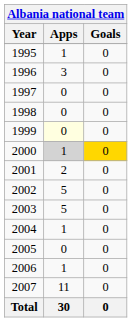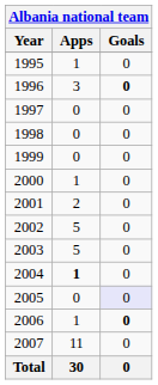 <table class="wikitable" style="text-align:center">
 <tr>
 <th colspan=3><a href='#'>Albania national team</a></th>
 </tr>
 <tr>
 <th>Year</th>
 <th>Apps</th>
 <th>Goals</th>
 </tr>
 <tr>
 </tr>
 <tr>
 <td>1995</td>
 <td>1</td>
 <td>0</td>
 </tr>
 <tr>
 <td>1996</td>
 <td>3</td>
-<td>0</td>
+<td><strong>0</strong></td>
 </tr>
 <tr>
 <td>1997</td>
 <td>0</td>
 <td>0</td>
 </tr>
 <tr>
 <td>1998</td>
 <td>0</td>
 <td>0</td>
 </tr>
 <tr>
 <td>1999</td>
-<td style="background: lightyellow;">0</td>
+<td>0</td>
 <td>0</td>
 </tr>
 <tr>
 <td>2000</td>
-<td style="background: lightgrey;">1</td>
-<td style="background: gold;">0</td>
+<td>1</td>
+<td>0</td>
 </tr>
 <tr>
 <td>2001</td>
 <td>2</td>
 <td>0</td>
 </tr>
 <tr>
 <td>2002</td>
 <td>5</td>
 <td>0</td>
 </tr>
 <tr>
 <td>2003</td>
 <td>5</td>
 <td>0</td>
 </tr>
 <tr>
 <td>2004</td>
-<td>1</td>
+<td><strong>1</strong></td>
 <td>0</td>
 </tr>
 <tr>
 <td>2005</td>
 <td>0</td>
-<td>0</td>
+<td style="background: lavender;">0</td>
 </tr>
 <tr>
 <td>2006</td>
 <td>1</td>
-<td>0</td>
+<td><strong>0</strong></td>
 </tr>
 <tr>
 <td>2007</td>
 <td>11</td>
 <td>0</td>
 </tr>
 <tr>
 <th>Total</th>
 <th>30</th>
 <th>0</th>
 </tr>
 </table>
